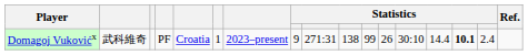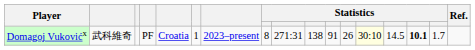 <table class="wikitable sortable" style="font-size:95%; text-align:right;">
 <tr>
 <th rowspan="2">Player</th>
 <th rowspan="2"></th>
 <th rowspan="2"></th>
 <th rowspan="2"></th>
 <th rowspan="2"></th>
 <th rowspan="2"></th>
 <th rowspan="2"></th>
 <th colspan="9">Statistics</th>
 <th rowspan="2">Ref.</th>
 </tr>
 <tr>
 <th></th>
 <th></th>
 <th></th>
 <th></th>
 <th></th>
 <th></th>
 <th></th>
 <th></th>
 <th></th>
 </tr>
 <tr>
 <td align="left" bgcolor="#CCFFCC"><a href='#'>Domagoj Vuković</a><sup>x</sup></td>
 <td align="left">武科維奇</td>
 <td align="center"></td>
 <td align="center">PF</td>
 <td align="left"><a href='#'>Croatia</a></td>
 <td align="center">1</td>
 <td align="center"><a href='#'>2023–present</a></td>
-<td>9</td>
+<td>8</td>
 <td>271:31</td>
 <td>138</td>
-<td>99</td>
+<td>91</td>
 <td>26</td>
-<td>30:10</td>
-<td>14.4</td>
+<td style="background: lightyellow;">30:10</td>
+<td>14.5</td>
 <td><strong>10.1</strong></td>
-<td>2.4</td>
+<td>1.7</td>
 <td align="center"></td>
 </tr>
 </table>
